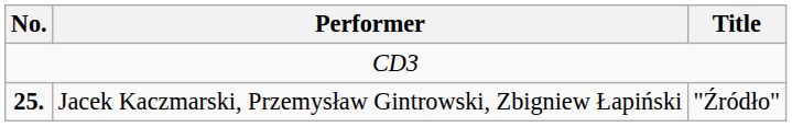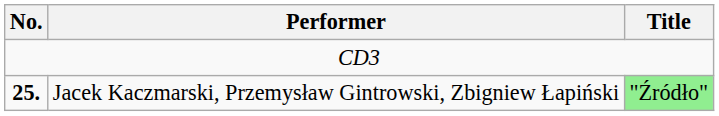 <table class="wikitable">
 <tr>
 <th>No.</th>
 <th>Performer</th>
 <th>Title</th>
 </tr>
 <tr>
 <td colspan="3" style="text-align:center"><em>CD3</em></td>
 </tr>
 <tr>
 <td style="text-align:center"><strong>25.</strong></td>
 <td>Jacek Kaczmarski, Przemysław Gintrowski, Zbigniew Łapiński</td>
-<td>"Źródło"</td>
+<td style="background: lightgreen;">"Źródło"</td>
 </tr>
 </table>
